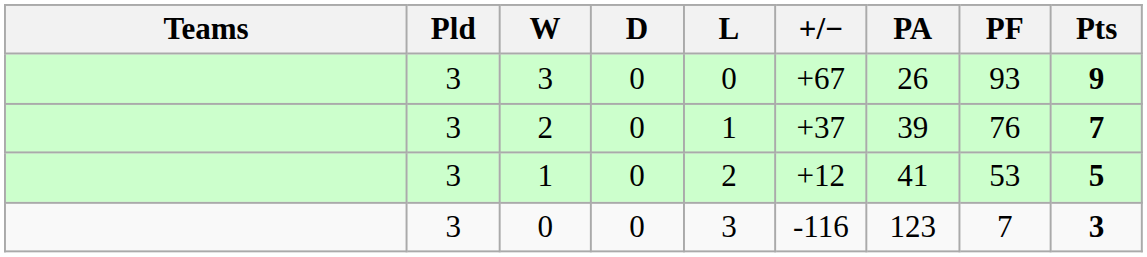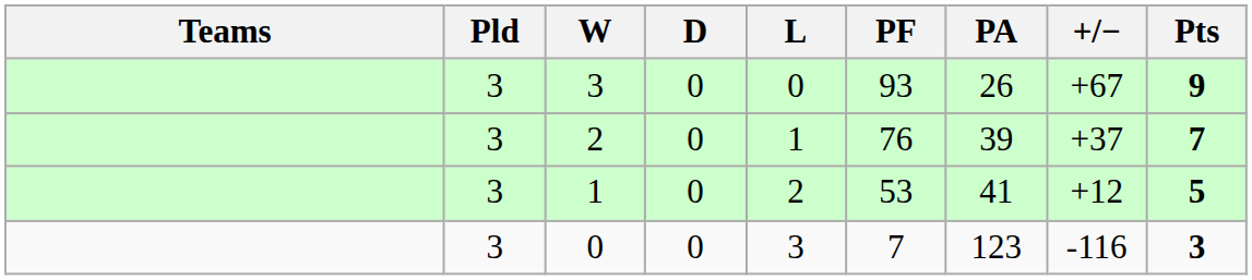 <table class="wikitable" style="text-align: center;">
 <tr>
 <th width="200">Teams</th>
 <th width="40">Pld</th>
 <th width="40">W</th>
 <th width="40">D</th>
 <th width="40">L</th>
+<th width="40">PF</th>
+<th width="40">PA</th>
 <th width="40">+/−</th>
-<th width="40">PA</th>
-<th width="40">PF</th>
 <th width="40">Pts</th>
 </tr>
 <tr bgcolor=#ccffcc>
 <td align=left></td>
 <td>3</td>
 <td>3</td>
 <td>0</td>
 <td>0</td>
+<td>93</td>
+<td>26</td>
 <td>+67</td>
-<td>26</td>
-<td>93</td>
 <td><strong>9</strong></td>
 </tr>
 <tr bgcolor=#ccffcc>
 <td align=left></td>
 <td>3</td>
 <td>2</td>
 <td>0</td>
 <td>1</td>
+<td>76</td>
+<td>39</td>
 <td>+37</td>
-<td>39</td>
-<td>76</td>
 <td><strong>7</strong></td>
 </tr>
 <tr bgcolor=#ccffcc>
 <td align=left></td>
 <td>3</td>
 <td>1</td>
 <td>0</td>
 <td>2</td>
+<td>53</td>
+<td>41</td>
 <td>+12</td>
-<td>41</td>
-<td>53</td>
 <td><strong>5</strong></td>
 </tr>
 <tr>
 <td align=left></td>
 <td>3</td>
 <td>0</td>
 <td>0</td>
 <td>3</td>
+<td>7</td>
+<td>123</td>
 <td>-116</td>
-<td>123</td>
-<td>7</td>
 <td><strong>3</strong></td>
 </tr>
 </table>
